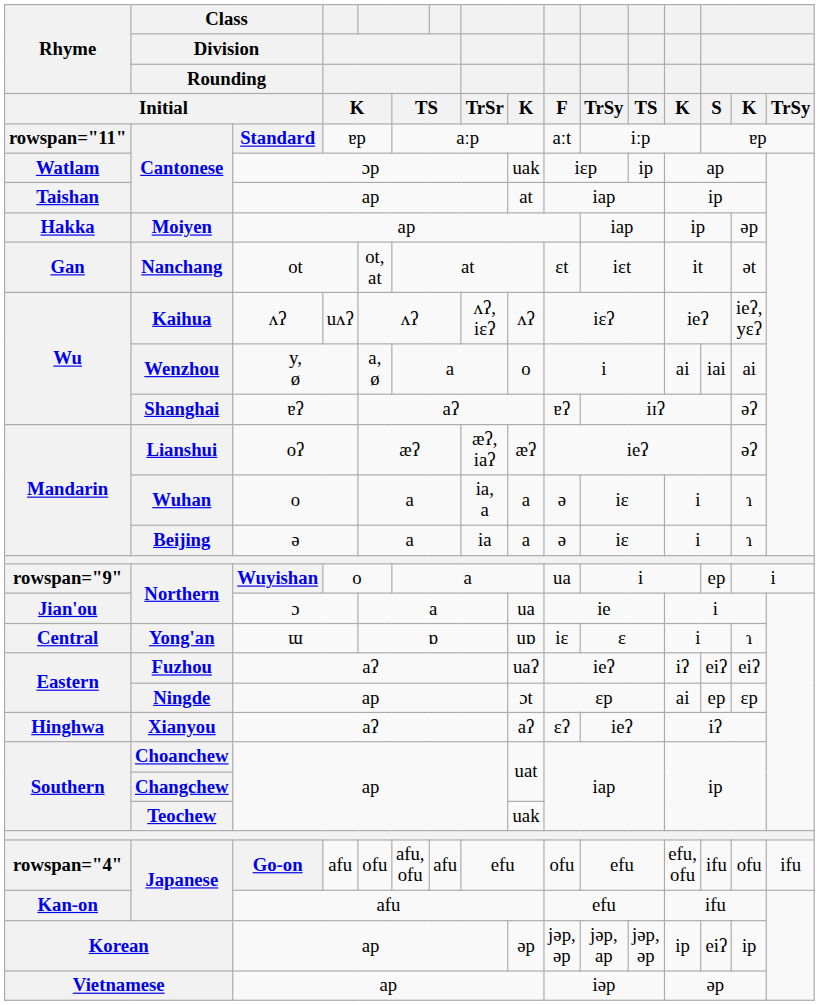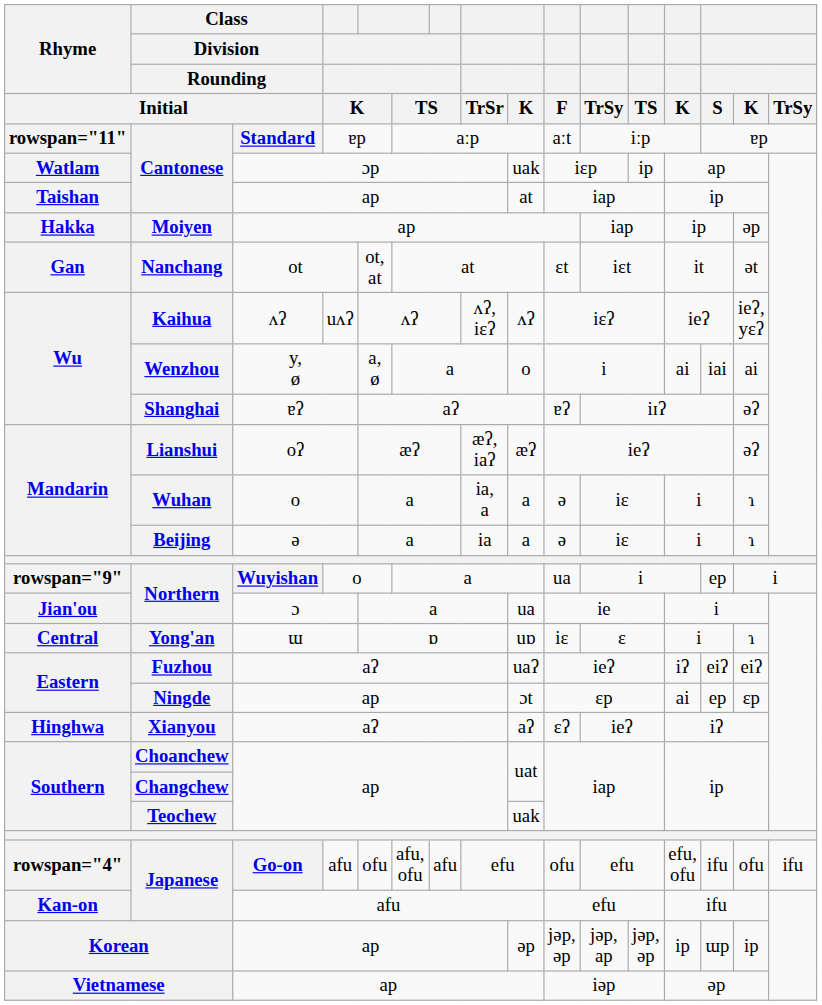 <table class="wikitable" style="text-align: center;">
 <tr>
 <th rowspan="3">Rhyme</th>
 <th colspan="2">Class</th>
 <th></th>
 <th colspan="2"></th>
 <th></th>
 <th colspan="2"></th>
 <th></th>
 <th></th>
 <th></th>
 <th></th>
 <th colspan="3"></th>
 </tr>
 <tr>
 <th colspan="2">Division</th>
 <th colspan="4"></th>
 <th colspan="2"></th>
 <th></th>
 <th></th>
 <th></th>
 <th></th>
 <th colspan="3"></th>
 </tr>
 <tr>
 <th colspan="2">Rounding</th>
 <th colspan="4"></th>
 <th colspan="2"></th>
 <th></th>
 <th></th>
 <th></th>
 <th></th>
 <th colspan="3"></th>
 </tr>
 <tr>
 <th colspan="3">Initial</th>
 <th colspan="2">K</th>
 <th colspan="2">TS</th>
 <th>TrSr</th>
 <th>K</th>
 <th>F</th>
 <th>TrSy</th>
 <th>TS</th>
 <th>K</th>
 <th>S</th>
 <th>K</th>
 <th>TrSy</th>
 </tr>
 <tr>
 <th>rowspan="11" </th>
 <th rowspan="3"><a href='#'>Cantonese</a></th>
 <th><a href='#'>Standard</a></th>
 <td colspan="2">ɐp</td>
 <td colspan="4">aːp</td>
 <td>aːt</td>
 <td colspan="3">iːp</td>
 <td colspan="3">ɐp</td>
 </tr>
 <tr>
 <th><a href='#'>Watlam</a></th>
 <td colspan="6">ɔp</td>
 <td>uak</td>
 <td colspan="2">iɛp</td>
 <td>ip</td>
 <td colspan="3">ap</td>
 </tr>
 <tr>
 <th><a href='#'>Taishan</a></th>
 <td colspan="6">ap</td>
 <td>at</td>
 <td colspan="3">iap</td>
 <td colspan="3">ip</td>
 </tr>
 <tr>
 <th><a href='#'>Hakka</a></th>
 <th><a href='#'>Moiyen</a></th>
 <td colspan="8">ap</td>
 <td colspan="2">iap</td>
 <td colspan="2">ip</td>
 <td>əp</td>
 </tr>
 <tr>
 <th><a href='#'>Gan</a></th>
 <th><a href='#'>Nanchang</a></th>
 <td colspan="2">ot</td>
 <td>ot,<br>at</td>
 <td colspan="4">at</td>
 <td>ɛt</td>
 <td colspan="2">iɛt</td>
 <td colspan="2">it</td>
 <td>ət</td>
 </tr>
 <tr>
 <th rowspan="3"><a href='#'>Wu</a></th>
 <th><a href='#'>Kaihua</a></th>
 <td>ʌʔ</td>
 <td>uʌʔ</td>
 <td colspan="3">ʌʔ</td>
 <td>ʌʔ,<br>iɛʔ</td>
 <td>ʌʔ</td>
 <td colspan="3">iɛʔ</td>
 <td colspan="2">ieʔ</td>
 <td>ieʔ,<br>yɛʔ</td>
 </tr>
 <tr>
 <th><a href='#'>Wenzhou</a></th>
 <td colspan="2">y,<br>ø</td>
 <td>a,<br>ø</td>
 <td colspan="3">a</td>
 <td>o</td>
 <td colspan="3">i</td>
 <td>ai</td>
 <td>iai</td>
 <td>ai</td>
 </tr>
 <tr>
 <th><a href='#'>Shanghai</a></th>
 <td colspan="2">ɐʔ</td>
 <td colspan="5">aʔ</td>
 <td>ɐʔ</td>
 <td colspan="4">iɪʔ</td>
 <td>əʔ</td>
 </tr>
 <tr>
 <th rowspan="3"><a href='#'>Mandarin</a></th>
 <th><a href='#'>Lianshui</a></th>
 <td colspan="2">oʔ</td>
 <td colspan="3">æʔ</td>
 <td>æʔ,<br>iaʔ</td>
 <td>æʔ</td>
 <td colspan="5">ieʔ</td>
 <td>əʔ</td>
 </tr>
 <tr>
 <th><a href='#'>Wuhan</a></th>
 <td colspan="2">o</td>
 <td colspan="3">a</td>
 <td>ia,<br>a</td>
 <td>a</td>
 <td>ə</td>
 <td colspan="2">iɛ</td>
 <td colspan="2">i</td>
 <td>ɿ</td>
 </tr>
 <tr>
 <th><a href='#'>Beijing</a></th>
 <td colspan="2">ə</td>
 <td colspan="3">a</td>
 <td>ia</td>
 <td>a</td>
 <td>ə</td>
 <td colspan="2">iɛ</td>
 <td colspan="2">i</td>
 <td>ɿ</td>
 </tr>
 <tr>
 <th colspan="16"></th>
 </tr>
 <tr>
 <th>rowspan="9" </th>
 <th rowspan="2"><a href='#'>Northern</a></th>
 <th><a href='#'>Wuyishan</a></th>
 <td colspan="2">o</td>
 <td colspan="4">a</td>
 <td>ua</td>
 <td colspan="3">i</td>
 <td>ep</td>
 <td colspan="2">i</td>
 </tr>
 <tr>
 <th><a href='#'>Jian'ou</a></th>
 <td colspan="2">ɔ</td>
 <td colspan="4">a</td>
 <td>ua</td>
 <td colspan="3">ie</td>
 <td colspan="3">i</td>
 </tr>
 <tr>
 <th><a href='#'>Central</a></th>
 <th><a href='#'>Yong'an</a></th>
 <td colspan="2">ɯ</td>
 <td colspan="4">ɒ</td>
 <td>uɒ</td>
 <td>iɛ</td>
 <td colspan="2">ɛ</td>
 <td colspan="2">i</td>
 <td>ɿ</td>
 </tr>
 <tr>
 <th rowspan="2"><a href='#'>Eastern</a></th>
 <th><a href='#'>Fuzhou</a></th>
 <td colspan="6">aʔ</td>
 <td>uaʔ</td>
 <td colspan="3">ieʔ</td>
 <td>iʔ</td>
 <td>eiʔ</td>
 <td>eiʔ</td>
 </tr>
 <tr>
 <th><a href='#'>Ningde</a></th>
 <td colspan="6">ap</td>
 <td>ɔt</td>
 <td colspan="3">ɛp</td>
 <td>ai</td>
 <td>ep</td>
 <td>ɛp</td>
 </tr>
 <tr>
 <th><a href='#'>Hinghwa</a></th>
 <th><a href='#'>Xianyou</a></th>
 <td colspan="6">aʔ</td>
 <td>aʔ</td>
 <td>ɛʔ</td>
 <td colspan="2">ieʔ</td>
 <td colspan="3">iʔ</td>
 </tr>
 <tr>
 <th rowspan="3"><a href='#'>Southern</a></th>
 <th><a href='#'>Choanchew</a></th>
 <td colspan="6" rowspan="3">ap</td>
 <td rowspan="2">uat</td>
 <td colspan="3" rowspan="3">iap</td>
 <td colspan="3" rowspan="3">ip</td>
 </tr>
 <tr>
 <th><a href='#'>Changchew</a></th>
 </tr>
 <tr>
 <th><a href='#'>Teochew</a></th>
 <td>uak</td>
 </tr>
 <tr>
 <th colspan="16"></th>
 </tr>
 <tr>
 <th>rowspan="4" </th>
 <th rowspan="2"><a href='#'>Japanese</a></th>
 <th><a href='#'>Go-on</a></th>
 <td>afu</td>
 <td>ofu</td>
 <td>afu,<br>ofu</td>
 <td>afu</td>
 <td colspan="2">efu</td>
 <td>ofu</td>
 <td colspan="2">efu</td>
 <td>efu,<br>ofu</td>
 <td>ifu</td>
 <td>ofu</td>
 <td>ifu</td>
 </tr>
 <tr>
 <th><a href='#'>Kan-on</a></th>
 <td colspan="7">afu</td>
 <td colspan="3">efu</td>
 <td colspan="3">ifu</td>
 </tr>
 <tr>
 <th colspan="2"><a href='#'>Korean</a></th>
 <td colspan="6">ap</td>
 <td>əp</td>
 <td>jəp,<br>əp</td>
 <td>jəp,<br>ap</td>
 <td>jəp,<br>əp</td>
 <td>ip</td>
-<td>eiʔ</td>
+<td>ɯp</td>
 <td>ip</td>
 </tr>
 <tr>
 <th colspan="2"><a href='#'>Vietnamese</a></th>
 <td colspan="7">ap</td>
 <td colspan="3">iəp</td>
 <td colspan="3">əp</td>
 </tr>
 </table>
